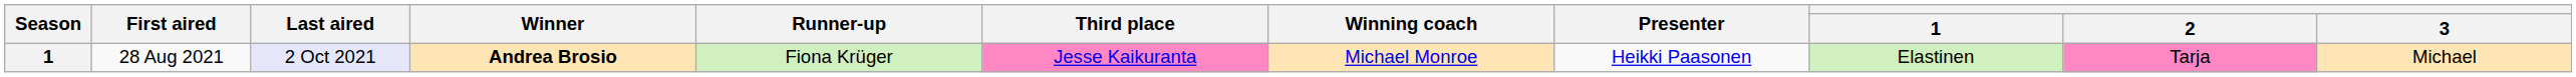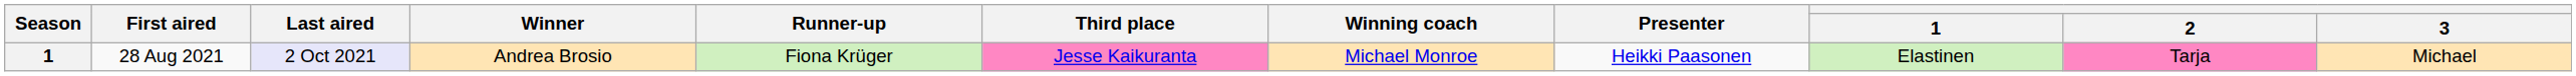 <table class="wikitable" style="text-align:center; font-size:90%; line-height:16px; width:100%">
 <tr>
 <th rowspan="2" scope="col" width="02%">Season</th>
 <th rowspan="2" scope="col" width="05%">First aired</th>
 <th rowspan="2" scope="col" width="05%">Last aired</th>
 <th rowspan="2" scope="col" width="09%">Winner</th>
 <th rowspan="2" scope="col" width="09%">Runner-up</th>
 <th rowspan="2" scope="col" width="09%">Third place</th>
 <th rowspan="2" scope="col" width="09%">Winning coach</th>
 <th rowspan="2" scope="col" width="08%">Presenter</th>
 <th colspan="3" scope="col"></th>
 </tr>
 <tr>
 <th width="08%">1</th>
 <th width="08%">2</th>
 <th width="08%">3</th>
 </tr>
 <tr>
 <th scope="row">1</th>
 <td>28 Aug 2021</td>
 <td style="background: lavender;">2 Oct 2021</td>
-<td style="background:#ffe5b4"><strong>Andrea Brosio</strong></td>
+<td style="background:#ffe5b4">Andrea Brosio</td>
 <td style="background:#d0f0c0">Fiona Krüger</td>
 <td style="background:#FF87C3"><a href='#'>Jesse Kaikuranta</a></td>
 <td style="background:#ffe5b4"><a href='#'>Michael Monroe</a></td>
 <td rowspan="2"><a href='#'>Heikki Paasonen</a></td>
 <td style="background:#d0f0c0">Elastinen</td>
 <td style="background:#FF87C3">Tarja</td>
 <td style="background:#ffe5b4">Michael</td>
 </tr>
 </table>
